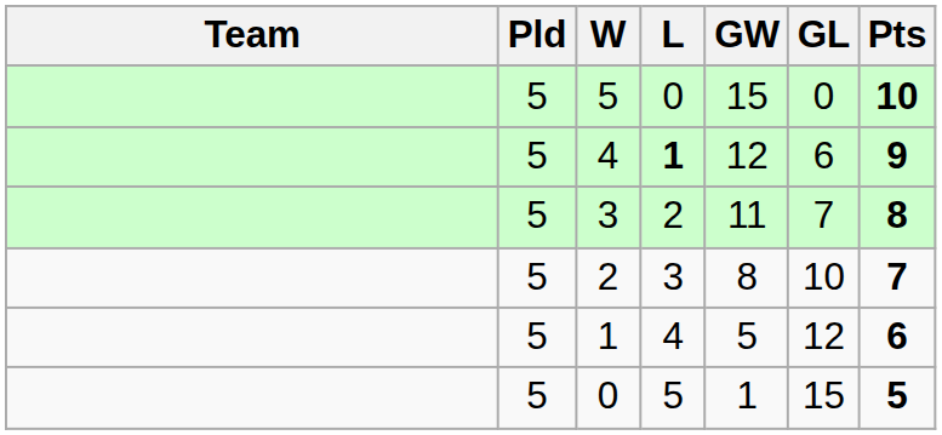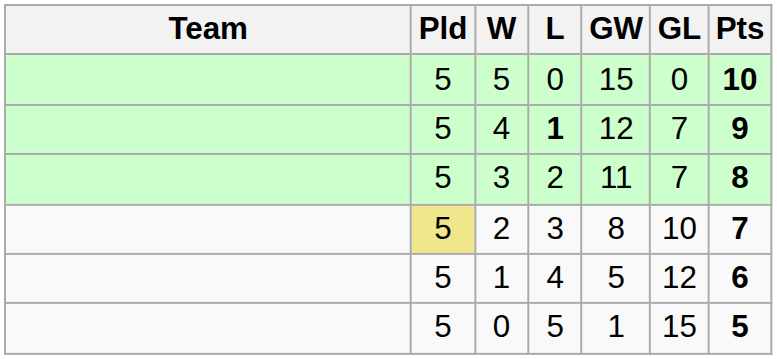 <table class="wikitable" style="text-align:center">
 <tr>
 <th width=200>Team</th>
 <th width=20>Pld</th>
 <th width=20>W</th>
 <th width=20>L</th>
 <th width=20>GW</th>
 <th width=20>GL</th>
 <th width=20>Pts</th>
 </tr>
 <tr bgcolor=ccffcc>
 <td style="text-align:left;"></td>
 <td>5</td>
 <td>5</td>
 <td>0</td>
 <td>15</td>
 <td>0</td>
 <td><strong>10</strong></td>
 </tr>
 <tr bgcolor=ccffcc>
 <td style="text-align:left;"></td>
 <td>5</td>
 <td>4</td>
 <td><strong>1</strong></td>
 <td>12</td>
-<td>6</td>
+<td>7</td>
 <td><strong>9</strong></td>
 </tr>
 <tr bgcolor=ccffcc>
 <td style="text-align:left;"></td>
 <td>5</td>
 <td>3</td>
 <td>2</td>
 <td>11</td>
 <td>7</td>
 <td><strong>8</strong></td>
 </tr>
 <tr>
 <td style="text-align:left;"></td>
-<td>5</td>
+<td style="background: khaki;">5</td>
 <td>2</td>
 <td>3</td>
 <td>8</td>
 <td>10</td>
 <td><strong>7</strong></td>
 </tr>
 <tr>
 <td style="text-align:left;"></td>
 <td>5</td>
 <td>1</td>
 <td>4</td>
 <td>5</td>
 <td>12</td>
 <td><strong>6</strong></td>
 </tr>
 <tr>
 <td style="text-align:left;"></td>
 <td>5</td>
 <td>0</td>
 <td>5</td>
 <td>1</td>
 <td>15</td>
 <td><strong>5</strong></td>
 </tr>
 </table>
